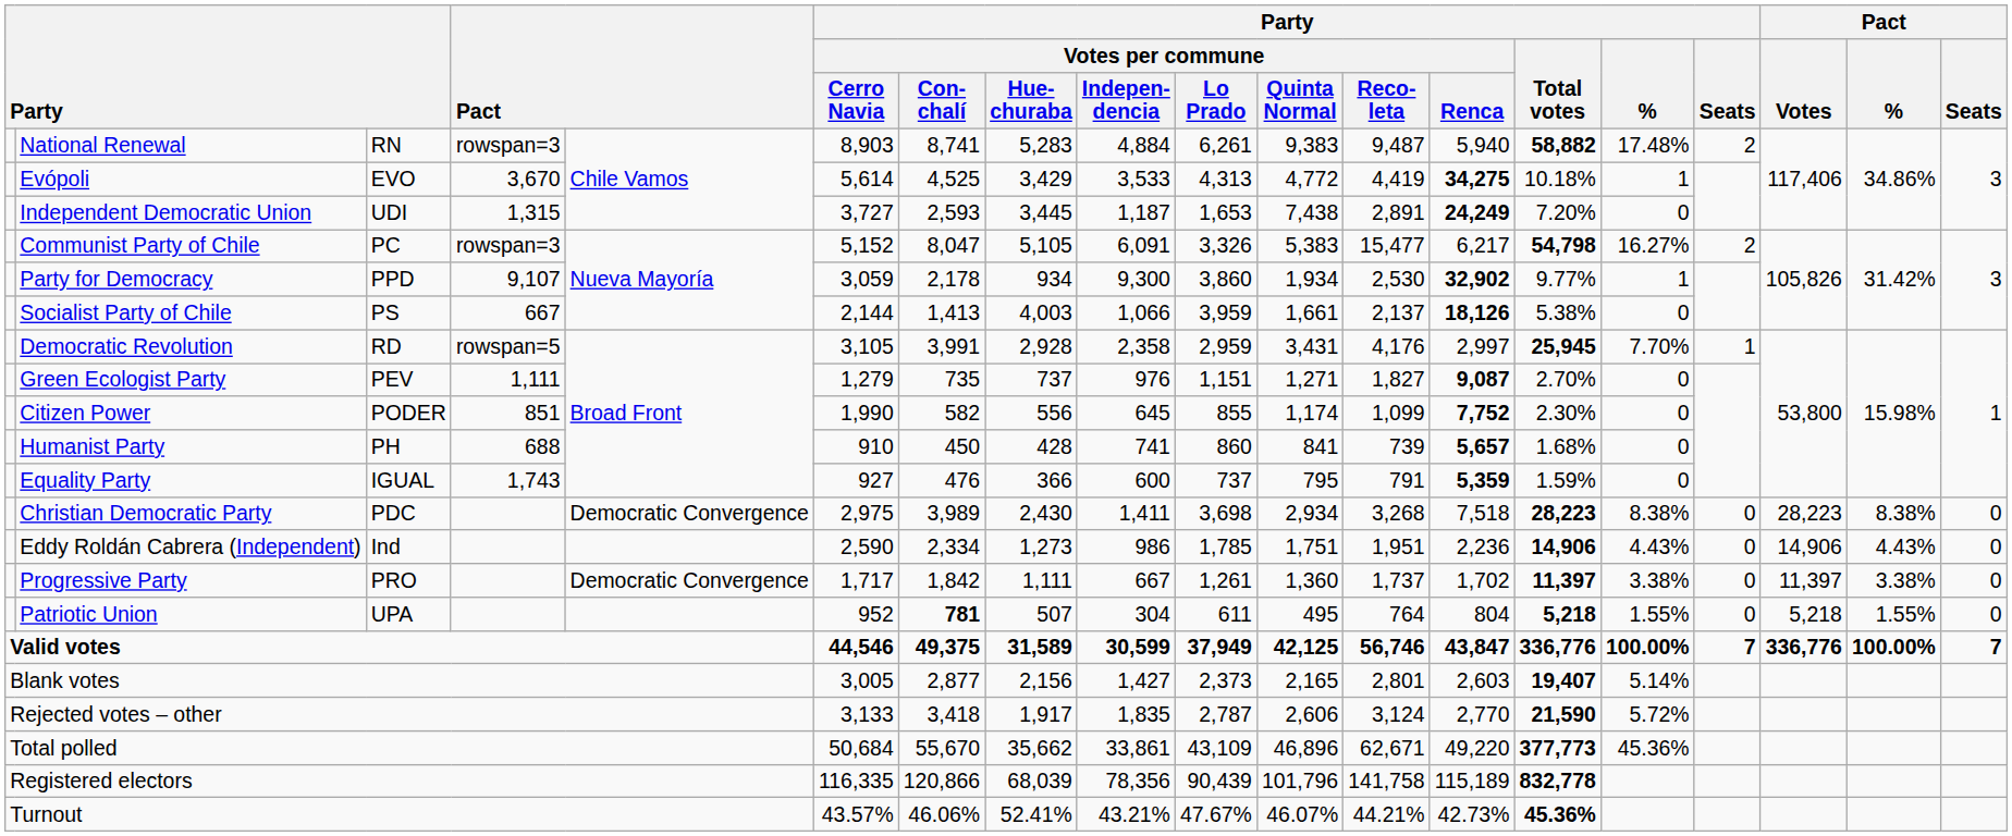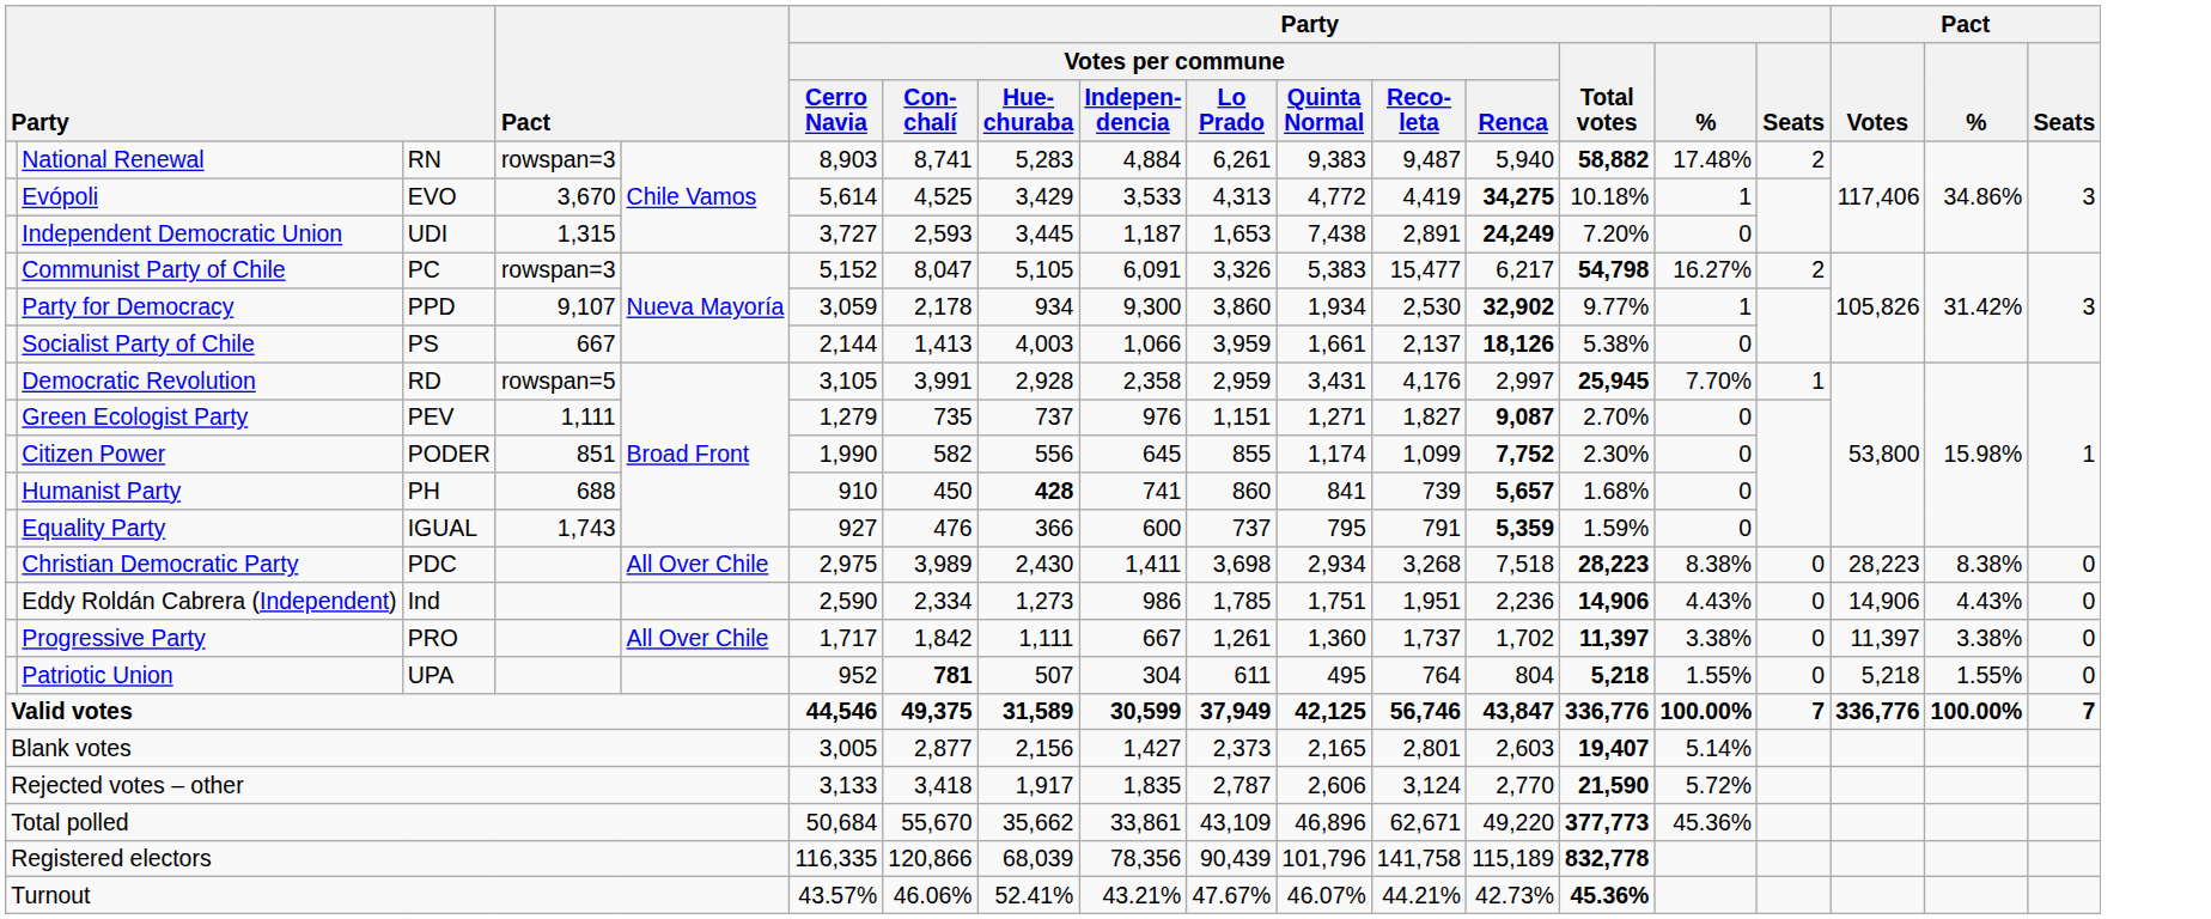 <table class="wikitable" border="1" style="font-size:90%; text-align:right; white-space: nowrap;">
 <tr>
 <th style="text-align:left;" valign=bottom rowspan=3 colspan=3>Party</th>
 <th style="text-align:left;" valign=bottom rowspan=3 colspan=2>Pact</th>
 <th colspan=11>Party</th>
 <th colspan=3>Pact</th>
 </tr>
 <tr>
 <th colspan=8>Votes per commune</th>
 <th align=center valign=bottom rowspan=2 width="40">Total<br>votes</th>
 <th align=center valign=bottom rowspan=2 width="40">%</th>
 <th align=center valign=bottom rowspan=2>Seats</th>
 <th align=center valign=bottom rowspan=2 width="40">Votes</th>
 <th align=center valign=bottom rowspan=2 width="40">%</th>
 <th align=center valign=bottom rowspan=2>Seats</th>
 </tr>
 <tr>
 <th align=center valign=bottom width="40"><a href='#'>Cerro<br>Navia</a></th>
 <th align=center valign=bottom width="40"><a href='#'>Con-<br>chalí</a></th>
 <th align=center valign=bottom width="40"><a href='#'>Hue-<br>churaba</a></th>
 <th align=center valign=bottom width="40"><a href='#'>Indepen-<br>dencia</a></th>
 <th align=center valign=bottom width="40"><a href='#'>Lo<br>Prado</a></th>
 <th align=center valign=bottom width="40"><a href='#'>Quinta<br>Normal</a></th>
 <th align=center valign=bottom width="40"><a href='#'>Reco-<br>leta</a></th>
 <th align=center valign=bottom width="40"><a href='#'>Renca</a></th>
 </tr>
 <tr>
 <td></td>
 <td align=left><a href='#'>National Renewal</a></td>
 <td align=left>RN</td>
 <td>rowspan=3 </td>
 <td rowspan=3 align=left><a href='#'>Chile Vamos</a></td>
 <td>8,903</td>
 <td>8,741</td>
 <td>5,283</td>
 <td>4,884</td>
 <td>6,261</td>
 <td>9,383</td>
 <td>9,487</td>
 <td>5,940</td>
 <td><strong>58,882</strong></td>
 <td>17.48%</td>
 <td>2</td>
 <td rowspan=3>117,406</td>
 <td rowspan=3>34.86%</td>
 <td rowspan=3>3</td>
 </tr>
 <tr>
 <td></td>
 <td align=left><a href='#'>Evópoli</a></td>
 <td align=left>EVO</td>
 <td>3,670</td>
 <td>5,614</td>
 <td>4,525</td>
 <td>3,429</td>
 <td>3,533</td>
 <td>4,313</td>
 <td>4,772</td>
 <td>4,419</td>
 <td><strong>34,275</strong></td>
 <td>10.18%</td>
 <td>1</td>
 </tr>
 <tr>
 <td></td>
 <td align=left><a href='#'>Independent Democratic Union</a></td>
 <td align=left>UDI</td>
 <td>1,315</td>
 <td>3,727</td>
 <td>2,593</td>
 <td>3,445</td>
 <td>1,187</td>
 <td>1,653</td>
 <td>7,438</td>
 <td>2,891</td>
 <td><strong>24,249</strong></td>
 <td>7.20%</td>
 <td>0</td>
 </tr>
 <tr>
 <td></td>
 <td align=left><a href='#'>Communist Party of Chile</a></td>
 <td align=left>PC</td>
 <td>rowspan=3 </td>
 <td rowspan=3 align=left><a href='#'>Nueva Mayoría</a></td>
 <td>5,152</td>
 <td>8,047</td>
 <td>5,105</td>
 <td>6,091</td>
 <td>3,326</td>
 <td>5,383</td>
 <td>15,477</td>
 <td>6,217</td>
 <td><strong>54,798</strong></td>
 <td>16.27%</td>
 <td>2</td>
 <td rowspan=3>105,826</td>
 <td rowspan=3>31.42%</td>
 <td rowspan=3>3</td>
 </tr>
 <tr>
 <td></td>
 <td align=left><a href='#'>Party for Democracy</a></td>
 <td align=left>PPD</td>
 <td>9,107</td>
 <td>3,059</td>
 <td>2,178</td>
 <td>934</td>
 <td>9,300</td>
 <td>3,860</td>
 <td>1,934</td>
 <td>2,530</td>
 <td><strong>32,902</strong></td>
 <td>9.77%</td>
 <td>1</td>
 </tr>
 <tr>
 <td></td>
 <td align=left><a href='#'>Socialist Party of Chile</a></td>
 <td align=left>PS</td>
 <td>667</td>
 <td>2,144</td>
 <td>1,413</td>
 <td>4,003</td>
 <td>1,066</td>
 <td>3,959</td>
 <td>1,661</td>
 <td>2,137</td>
 <td><strong>18,126</strong></td>
 <td>5.38%</td>
 <td>0</td>
 </tr>
 <tr>
 <td></td>
 <td align=left><a href='#'>Democratic Revolution</a></td>
 <td align=left>RD</td>
 <td>rowspan=5 </td>
 <td rowspan=5 align=left><a href='#'>Broad Front</a></td>
 <td>3,105</td>
 <td>3,991</td>
 <td>2,928</td>
 <td>2,358</td>
 <td>2,959</td>
 <td>3,431</td>
 <td>4,176</td>
 <td>2,997</td>
 <td><strong>25,945</strong></td>
 <td>7.70%</td>
 <td>1</td>
 <td rowspan=5>53,800</td>
 <td rowspan=5>15.98%</td>
 <td rowspan=5>1</td>
 </tr>
 <tr>
 <td></td>
 <td align=left><a href='#'>Green Ecologist Party</a></td>
 <td align=left>PEV</td>
 <td>1,111</td>
 <td>1,279</td>
 <td>735</td>
 <td>737</td>
 <td>976</td>
 <td>1,151</td>
 <td>1,271</td>
 <td>1,827</td>
 <td><strong>9,087</strong></td>
 <td>2.70%</td>
 <td>0</td>
 </tr>
 <tr>
 <td></td>
 <td align=left><a href='#'>Citizen Power</a></td>
 <td align=left>PODER</td>
 <td>851</td>
 <td>1,990</td>
 <td>582</td>
 <td>556</td>
 <td>645</td>
 <td>855</td>
 <td>1,174</td>
 <td>1,099</td>
 <td><strong>7,752</strong></td>
 <td>2.30%</td>
 <td>0</td>
 </tr>
 <tr>
 <td></td>
 <td align=left><a href='#'>Humanist Party</a></td>
 <td align=left>PH</td>
 <td>688</td>
 <td>910</td>
 <td>450</td>
-<td>428</td>
+<td><strong>428</strong></td>
 <td>741</td>
 <td>860</td>
 <td>841</td>
 <td>739</td>
 <td><strong>5,657</strong></td>
 <td>1.68%</td>
 <td>0</td>
 </tr>
 <tr>
 <td></td>
 <td align=left><a href='#'>Equality Party</a></td>
 <td align=left>IGUAL</td>
 <td>1,743</td>
 <td>927</td>
 <td>476</td>
 <td>366</td>
 <td>600</td>
 <td>737</td>
 <td>795</td>
 <td>791</td>
 <td><strong>5,359</strong></td>
 <td>1.59%</td>
 <td>0</td>
 </tr>
 <tr>
 <td></td>
 <td align=left><a href='#'>Christian Democratic Party</a></td>
 <td align=left>PDC</td>
 <td></td>
-<td align=left>Democratic Convergence</td>
+<td align=left><a href='#'>All Over Chile</a></td>
 <td>2,975</td>
 <td>3,989</td>
 <td>2,430</td>
 <td>1,411</td>
 <td>3,698</td>
 <td>2,934</td>
 <td>3,268</td>
 <td>7,518</td>
 <td><strong>28,223</strong></td>
 <td>8.38%</td>
 <td>0</td>
 <td>28,223</td>
 <td>8.38%</td>
 <td>0</td>
 </tr>
 <tr>
 <td></td>
 <td align=left>Eddy Roldán Cabrera (<a href='#'>Independent</a>)</td>
 <td align=left>Ind</td>
 <td></td>
 <td></td>
 <td>2,590</td>
 <td>2,334</td>
 <td>1,273</td>
 <td>986</td>
 <td>1,785</td>
 <td>1,751</td>
 <td>1,951</td>
 <td>2,236</td>
 <td><strong>14,906</strong></td>
 <td>4.43%</td>
 <td>0</td>
 <td>14,906</td>
 <td>4.43%</td>
 <td>0</td>
 </tr>
 <tr>
 <td></td>
 <td align=left><a href='#'>Progressive Party</a></td>
 <td align=left>PRO</td>
 <td></td>
-<td align=left>Democratic Convergence</td>
+<td align=left><a href='#'>All Over Chile</a></td>
 <td>1,717</td>
 <td>1,842</td>
 <td>1,111</td>
 <td>667</td>
 <td>1,261</td>
 <td>1,360</td>
 <td>1,737</td>
 <td>1,702</td>
 <td><strong>11,397</strong></td>
 <td>3.38%</td>
 <td>0</td>
 <td>11,397</td>
 <td>3.38%</td>
 <td>0</td>
 </tr>
 <tr>
 <td></td>
 <td align=left><a href='#'>Patriotic Union</a></td>
 <td align=left>UPA</td>
 <td></td>
 <td></td>
 <td>952</td>
 <td><strong>781</strong></td>
 <td>507</td>
 <td>304</td>
 <td>611</td>
 <td>495</td>
 <td>764</td>
 <td>804</td>
 <td><strong>5,218</strong></td>
 <td>1.55%</td>
 <td>0</td>
 <td>5,218</td>
 <td>1.55%</td>
 <td>0</td>
 </tr>
 <tr style="font-weight:bold">
 <td align=left colspan=5>Valid votes</td>
 <td>44,546</td>
 <td>49,375</td>
 <td>31,589</td>
 <td>30,599</td>
 <td>37,949</td>
 <td>42,125</td>
 <td>56,746</td>
 <td>43,847</td>
 <td>336,776</td>
 <td>100.00%</td>
 <td>7</td>
 <td>336,776</td>
 <td>100.00%</td>
 <td>7</td>
 </tr>
 <tr>
 <td align=left colspan=5>Blank votes</td>
 <td>3,005</td>
 <td>2,877</td>
 <td>2,156</td>
 <td>1,427</td>
 <td>2,373</td>
 <td>2,165</td>
 <td>2,801</td>
 <td>2,603</td>
 <td><strong>19,407</strong></td>
 <td>5.14%</td>
 <td></td>
 <td></td>
 <td></td>
 <td></td>
 </tr>
 <tr>
 <td align=left colspan=5>Rejected votes – other</td>
 <td>3,133</td>
 <td>3,418</td>
 <td>1,917</td>
 <td>1,835</td>
 <td>2,787</td>
 <td>2,606</td>
 <td>3,124</td>
 <td>2,770</td>
 <td><strong>21,590</strong></td>
 <td>5.72%</td>
 <td></td>
 <td></td>
 <td></td>
 <td></td>
 </tr>
 <tr>
 <td align=left colspan=5>Total polled</td>
 <td>50,684</td>
 <td>55,670</td>
 <td>35,662</td>
 <td>33,861</td>
 <td>43,109</td>
 <td>46,896</td>
 <td>62,671</td>
 <td>49,220</td>
 <td><strong>377,773</strong></td>
 <td>45.36%</td>
 <td></td>
 <td></td>
 <td></td>
 <td></td>
 </tr>
 <tr>
 <td align=left colspan=5>Registered electors</td>
 <td>116,335</td>
 <td>120,866</td>
 <td>68,039</td>
 <td>78,356</td>
 <td>90,439</td>
 <td>101,796</td>
 <td>141,758</td>
 <td>115,189</td>
 <td><strong>832,778</strong></td>
 <td></td>
 <td></td>
 <td></td>
 <td></td>
 <td></td>
 </tr>
 <tr>
 <td align=left colspan=5>Turnout</td>
 <td>43.57%</td>
 <td>46.06%</td>
 <td>52.41%</td>
 <td>43.21%</td>
 <td>47.67%</td>
 <td>46.07%</td>
 <td>44.21%</td>
 <td>42.73%</td>
 <td><strong>45.36%</strong></td>
 <td></td>
 <td></td>
 <td></td>
 <td></td>
 <td></td>
 </tr>
 </table>
